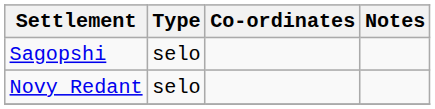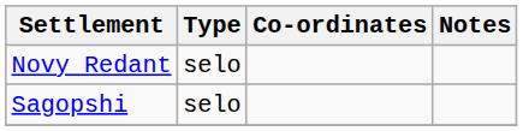 <table class="wikitable" style="display: inline-table; text-align: left;">
 <tr>
 <th>Settlement</th>
 <th>Type</th>
 <th>Co-ordinates</th>
 <th>Notes</th>
 </tr>
 <tr>
-<td><a href='#'>Sagopshi</a></td>
+<td><a href='#'>Novy Redant</a></td>
 <td>selo</td>
 <td></td>
 <td></td>
 </tr>
 <tr>
-<td><a href='#'>Novy Redant</a></td>
+<td><a href='#'>Sagopshi</a></td>
 <td>selo</td>
 <td></td>
 <td></td>
 </tr>
 <tr>
 </tr>
 </table>
